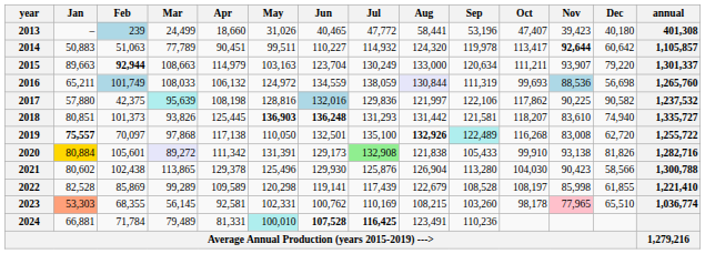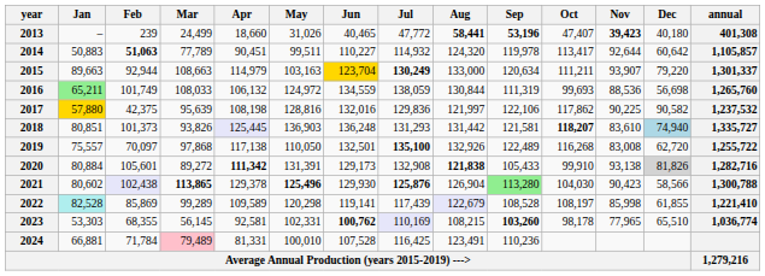 <table class=wikitable style="text-align:right; font-size:0.9em; width:950px;">
 <tr>
 <th width=60>year</th>
 <th>Jan</th>
 <th>Feb</th>
 <th>Mar</th>
 <th>Apr</th>
 <th>May</th>
 <th>Jun</th>
 <th>Jul</th>
 <th>Aug</th>
 <th>Sep</th>
 <th>Oct</th>
 <th>Nov</th>
 <th>Dec</th>
 <th width=80>annual</th>
 </tr>
 <tr>
 <td style="text-align:center; background-color:#f2f2f2"><strong>2013</strong></td>
 <td>–</td>
-<td style="background: lightblue;">239</td>
+<td>239</td>
 <td>24,499</td>
 <td>18,660</td>
 <td>31,026</td>
 <td>40,465</td>
 <td>47,772</td>
-<td>58,441</td>
-<td>53,196</td>
+<td><strong>58,441</strong></td>
+<td><strong>53,196</strong></td>
 <td>47,407</td>
-<td>39,423</td>
+<td><strong>39,423</strong></td>
 <td>40,180</td>
 <td style=background-color:#f2f2f2><strong>401,308</strong></td>
 </tr>
 <tr>
 <td style="text-align:center; background-color:#f2f2f2"><strong>2014</strong></td>
 <td>50,883</td>
-<td>51,063</td>
+<td><strong>51,063</strong></td>
 <td>77,789</td>
 <td>90,451</td>
 <td>99,511</td>
 <td>110,227</td>
 <td>114,932</td>
 <td>124,320</td>
 <td>119,978</td>
 <td>113,417</td>
-<td><strong>92,644</strong></td>
+<td>92,644</td>
 <td>60,642</td>
 <td style=background-color:#f2f2f2><strong>1,105,857</strong></td>
 </tr>
 <tr>
 <td style="text-align:center; background-color:#f2f2f2"><strong>2015</strong></td>
 <td>89,663</td>
-<td><strong>92,944</strong></td>
+<td>92,944</td>
 <td>108,663</td>
 <td>114,979</td>
 <td>103,163</td>
-<td>123,704</td>
-<td>130,249</td>
+<td style="background: gold;">123,704</td>
+<td><strong>130,249</strong></td>
 <td>133,000</td>
 <td>120,634</td>
 <td>111,211</td>
 <td>93,907</td>
 <td>79,220</td>
 <td style=background-color:#f2f2f2><strong>1,301,337</strong></td>
 </tr>
 <tr>
 <td style="text-align:center; background-color:#f2f2f2"><strong>2016</strong></td>
-<td>65,211</td>
-<td style="background: lightblue;">101,749</td>
+<td style="background: lightgreen;">65,211</td>
+<td>101,749</td>
 <td>108,033</td>
 <td>106,132</td>
 <td>124,972</td>
 <td>134,559</td>
 <td>138,059</td>
-<td style="background: lavender;">130,844</td>
+<td>130,844</td>
 <td>111,319</td>
 <td>99,693</td>
-<td style="background: lightblue;">88,536</td>
+<td>88,536</td>
 <td>56,698</td>
 <td style=background-color:#f2f2f2><strong>1,265,760</strong></td>
 </tr>
 <tr>
 <td style="text-align:center; background-color:#f2f2f2"><strong>2017</strong></td>
-<td>57,880</td>
+<td style="background: gold;">57,880</td>
 <td>42,375</td>
-<td style="background: paleturquoise;">95,639</td>
+<td>95,639</td>
 <td>108,198</td>
 <td>128,816</td>
-<td style="background: lightblue;">132,016</td>
+<td>132,016</td>
 <td>129,836</td>
 <td>121,997</td>
 <td>122,106</td>
 <td>117,862</td>
 <td>90,225</td>
 <td>90,582</td>
 <td style=background-color:#f2f2f2><strong>1,237,532</strong></td>
 </tr>
 <tr>
 <td style="text-align:center; background-color:#f2f2f2"><strong>2018</strong></td>
 <td>80,851</td>
 <td>101,373</td>
 <td>93,826</td>
-<td>125,445</td>
-<td><strong>136,903</strong></td>
-<td><strong>136,248</strong></td>
+<td style="background: lavender;">125,445</td>
+<td>136,903</td>
+<td>136,248</td>
 <td>131,293</td>
 <td>131,442</td>
 <td>121,581</td>
-<td>118,207</td>
+<td><strong>118,207</strong></td>
 <td>83,610</td>
-<td>74,940</td>
+<td style="background: lightblue;">74,940</td>
 <td style=background-color:#f2f2f2><strong>1,335,727</strong></td>
 </tr>
 <tr>
 <td style="text-align:center; background-color:#f2f2f2"><strong>2019</strong></td>
-<td><strong>75,557</strong></td>
+<td>75,557</td>
 <td>70,097</td>
 <td>97,868</td>
 <td>117,138</td>
 <td>110,050</td>
 <td>132,501</td>
-<td>135,100</td>
-<td><strong>132,926</strong></td>
-<td style="background: paleturquoise;">122,489</td>
+<td><strong>135,100</strong></td>
+<td>132,926</td>
+<td>122,489</td>
 <td>116,268</td>
 <td>83,008</td>
 <td>62,720</td>
 <td style=background-color:#f2f2f2><strong>1,255,722</strong></td>
 </tr>
 <tr>
 <td style="text-align:center; background-color:#f2f2f2"><strong>2020</strong></td>
-<td style="background: gold;">80,884</td>
+<td>80,884</td>
 <td>105,601</td>
-<td style="background: lavender;">89,272</td>
-<td>111,342</td>
+<td>89,272</td>
+<td><strong>111,342</strong></td>
 <td>131,391</td>
 <td>129,173</td>
-<td style="background: lightgreen;">132,908</td>
-<td>121,838</td>
+<td>132,908</td>
+<td><strong>121,838</strong></td>
 <td>105,433</td>
 <td>99,910</td>
 <td>93,138</td>
-<td>81,826</td>
+<td style="background: lightgrey;">81,826</td>
 <td style=background-color:#f2f2f2><strong>1,282,716</strong></td>
 </tr>
 <tr>
 <td style="text-align:center; background-color:#f2f2f2"><strong>2021</strong></td>
 <td>80,602</td>
-<td>102,438</td>
-<td>113,865</td>
+<td style="background: lavender;">102,438</td>
+<td><strong>113,865</strong></td>
 <td>129,378</td>
-<td>125,496</td>
+<td><strong>125,496</strong></td>
 <td>129,930</td>
-<td>125,876</td>
+<td><strong>125,876</strong></td>
 <td>126,904</td>
-<td>113,280</td>
+<td style="background: lightgreen;">113,280</td>
 <td>104,030</td>
 <td>90,423</td>
 <td>58,566</td>
 <td style=background-color:#f2f2f2><strong>1,300,788</strong></td>
 </tr>
 <tr>
 <td style="text-align:center; background-color:#f2f2f2"><strong>2022</strong></td>
-<td>82,528</td>
+<td style="background: paleturquoise;">82,528</td>
 <td>85,869</td>
 <td>99,289</td>
 <td>109,589</td>
 <td>120,298</td>
 <td>119,141</td>
 <td>117,439</td>
-<td>122,679</td>
+<td style="background: lavender;">122,679</td>
 <td>108,528</td>
 <td>108,197</td>
 <td>85,998</td>
 <td>61,855</td>
 <td style=background-color:#f2f2f2><strong>1,221,410</strong></td>
 </tr>
 <tr>
 <td style="text-align:center; background-color:#f2f2f2"><strong>2023</strong></td>
-<td style="background: lightsalmon;">53,303</td>
+<td>53,303</td>
 <td>68,355</td>
 <td>56,145</td>
 <td>92,581</td>
 <td>102,331</td>
-<td>100,762</td>
-<td>110,169</td>
+<td><strong>100,762</strong></td>
+<td style="background: lavender;">110,169</td>
 <td>108,215</td>
-<td>103,260</td>
+<td><strong>103,260</strong></td>
 <td>98,178</td>
-<td style="background: pink;">77,965</td>
+<td>77,965</td>
 <td>65,510</td>
 <td style=background-color:#f2f2f2><strong>1,036,774</strong></td>
 </tr>
 <tr>
 <td style="text-align:center; background-color:#f2f2f2"><strong>2024</strong></td>
 <td>66,881</td>
 <td>71,784</td>
-<td>79,489</td>
+<td style="background: pink;">79,489</td>
 <td>81,331</td>
-<td style="background: paleturquoise;">100,010</td>
-<td><strong>107,528</strong></td>
-<td><strong>116,425</strong></td>
+<td>100,010</td>
+<td>107,528</td>
+<td>116,425</td>
 <td>123,491</td>
 <td>110,236</td>
 <td></td>
 <td></td>
 <td></td>
 <td style=background-color:#f2f2f2><strong> </strong></td>
 </tr>
 <tr>
 <th colspan=13>Average Annual Production (years 2015-2019) ---></th>
 <th>1,279,216</th>
 </tr>
 </table>
